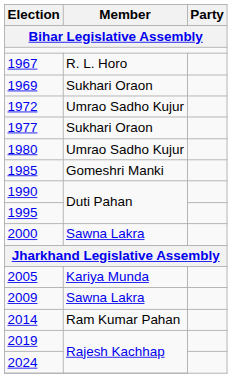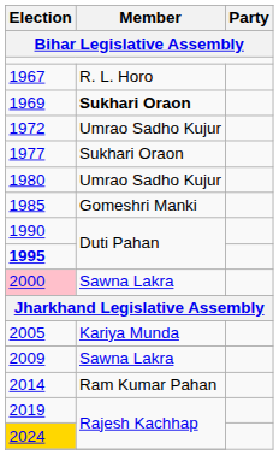 <table class="wikitable sortable">
 <tr>
 <th>Election</th>
 <th>Member</th>
 <th colspan=2>Party</th>
 </tr>
 <tr>
 <th colspan=4><a href='#'>Bihar Legislative Assembly</a></th>
 </tr>
 <tr>
 <td colspan="4"></td>
 </tr>
 <tr>
 <td><a href='#'>1967</a></td>
 <td>R. L. Horo</td>
 <td></td>
 </tr>
 <tr>
 <td><a href='#'>1969</a></td>
-<td>Sukhari Oraon</td>
+<td><strong>Sukhari Oraon</strong></td>
 <td></td>
 </tr>
 <tr>
 <td><a href='#'>1972</a></td>
 <td>Umrao Sadho Kujur</td>
 <td></td>
 </tr>
 <tr>
 <td><a href='#'>1977</a></td>
 <td>Sukhari Oraon</td>
 <td></td>
 </tr>
 <tr>
 <td><a href='#'>1980</a></td>
 <td>Umrao Sadho Kujur</td>
 <td></td>
 </tr>
 <tr>
 <td><a href='#'>1985</a></td>
 <td>Gomeshri Manki</td>
 </tr>
 <tr>
 <td><a href='#'>1990</a></td>
 <td rowspan="2">Duti Pahan</td>
 <td></td>
 </tr>
 <tr>
-<td><a href='#'>1995</a></td>
+<td><strong><a href='#'>1995</a></strong></td>
 </tr>
 <tr>
-<td><a href='#'>2000</a></td>
+<td style="background: pink;"><a href='#'>2000</a></td>
 <td><a href='#'>Sawna Lakra</a></td>
 <td></td>
 </tr>
 <tr>
 <th colspan=4><a href='#'>Jharkhand Legislative Assembly</a></th>
 </tr>
 <tr>
 <td><a href='#'>2005</a></td>
 <td><a href='#'>Kariya Munda</a></td>
 <td></td>
 </tr>
 <tr>
 <td><a href='#'>2009</a></td>
 <td><a href='#'>Sawna Lakra</a></td>
 <td></td>
 </tr>
 <tr>
 <td><a href='#'>2014</a></td>
 <td>Ram Kumar Pahan</td>
 <td></td>
 </tr>
 <tr>
 <td><a href='#'>2019</a></td>
 <td rowspan=2><a href='#'>Rajesh Kachhap</a></td>
 <td></td>
 </tr>
 <tr>
-<td><a href='#'>2024</a></td>
+<td style="background: gold;"><a href='#'>2024</a></td>
 </tr>
 <tr>
 </tr>
 </table>
